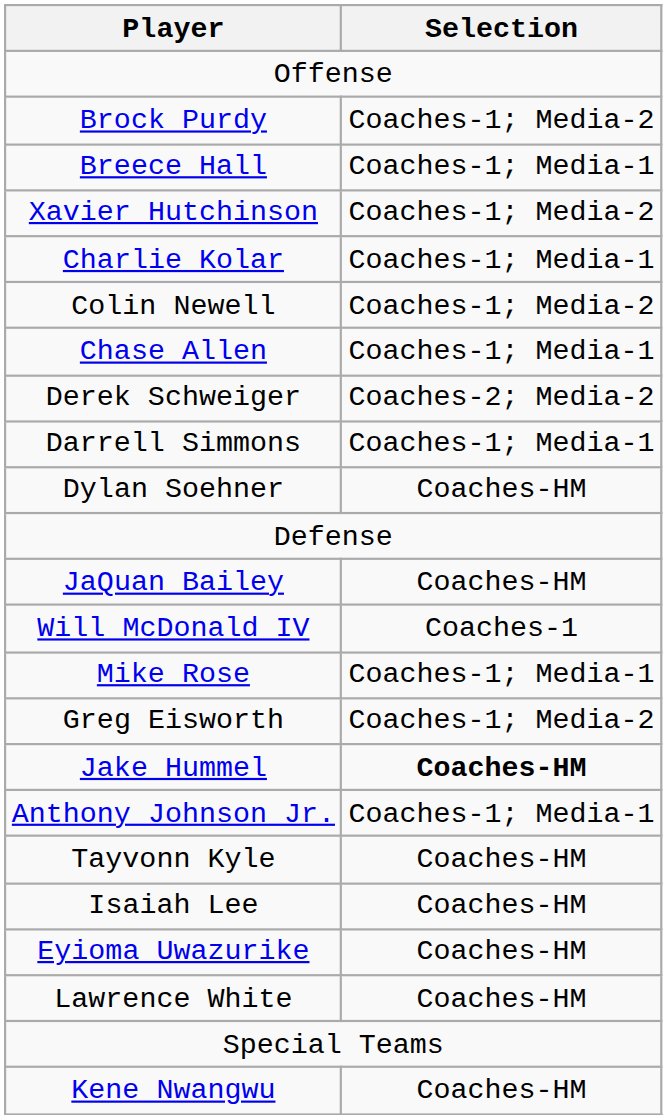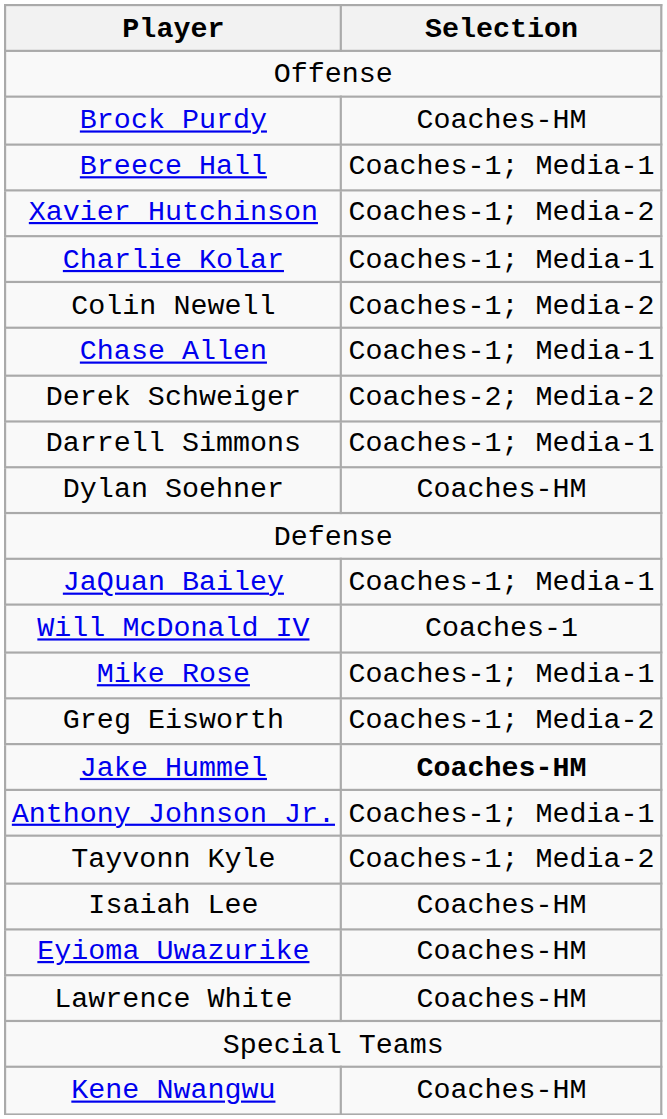 <table class="wikitable" style="text-align: center">
 <tr align="center">
 <th>Player</th>
 <th>Selection</th>
 </tr>
 <tr>
 <td colspan="2">Offense</td>
 </tr>
 <tr>
 <td><a href='#'>Brock Purdy</a></td>
-<td>Coaches-1; Media-2</td>
+<td>Coaches-HM</td>
 </tr>
 <tr>
 <td><a href='#'>Breece Hall</a></td>
 <td>Coaches-1; Media-1</td>
 </tr>
 <tr>
 <td><a href='#'>Xavier Hutchinson</a></td>
 <td>Coaches-1; Media-2</td>
 </tr>
 <tr>
 <td><a href='#'>Charlie Kolar</a></td>
 <td>Coaches-1; Media-1</td>
 </tr>
 <tr>
 <td>Colin Newell</td>
 <td>Coaches-1; Media-2</td>
 </tr>
 <tr>
 <td><a href='#'>Chase Allen</a></td>
 <td>Coaches-1; Media-1</td>
 </tr>
 <tr>
 <td>Derek Schweiger</td>
 <td>Coaches-2; Media-2</td>
 </tr>
 <tr>
 <td>Darrell Simmons</td>
 <td>Coaches-1; Media-1</td>
 </tr>
 <tr>
 <td>Dylan Soehner</td>
 <td>Coaches-HM</td>
 </tr>
 <tr>
 <td colspan="2">Defense</td>
 </tr>
 <tr>
 <td><a href='#'>JaQuan Bailey</a></td>
-<td>Coaches-HM</td>
+<td>Coaches-1; Media-1</td>
 </tr>
 <tr>
 <td><a href='#'>Will McDonald IV</a></td>
 <td>Coaches-1</td>
 </tr>
 <tr>
 <td><a href='#'>Mike Rose</a></td>
 <td>Coaches-1; Media-1</td>
 </tr>
 <tr>
 <td>Greg Eisworth</td>
 <td>Coaches-1; Media-2</td>
 </tr>
 <tr>
 <td><a href='#'>Jake Hummel</a></td>
 <td><strong>Coaches-HM</strong></td>
 </tr>
 <tr>
 <td><a href='#'>Anthony Johnson Jr.</a></td>
 <td>Coaches-1; Media-1</td>
 </tr>
 <tr>
 <td>Tayvonn Kyle</td>
-<td>Coaches-HM</td>
+<td>Coaches-1; Media-2</td>
 </tr>
 <tr>
 <td>Isaiah Lee</td>
 <td>Coaches-HM</td>
 </tr>
 <tr>
 <td><a href='#'>Eyioma Uwazurike</a></td>
 <td>Coaches-HM</td>
 </tr>
 <tr>
 <td>Lawrence White</td>
 <td>Coaches-HM</td>
 </tr>
 <tr>
 <td colspan="2">Special Teams</td>
 </tr>
 <tr>
 <td><a href='#'>Kene Nwangwu</a></td>
 <td>Coaches-HM</td>
 </tr>
 <tr>
 </tr>
 </table>
